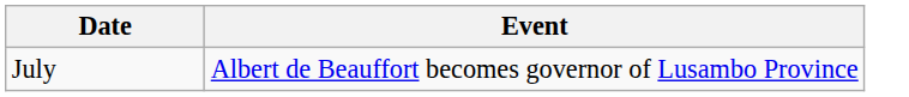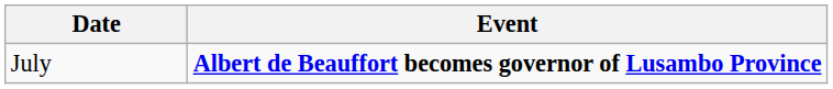 <table class=wikitable>
 <tr>
 <th style="width:7em">Date</th>
 <th>Event</th>
 </tr>
 <tr>
 <td>July</td>
-<td><a href='#'>Albert de Beauffort</a> becomes governor of <a href='#'>Lusambo Province</a></td>
+<td><strong><a href='#'>Albert de Beauffort</a> becomes governor of <a href='#'>Lusambo Province</a></strong></td>
 </tr>
 </table>
